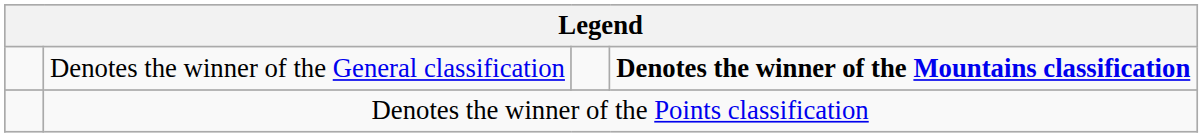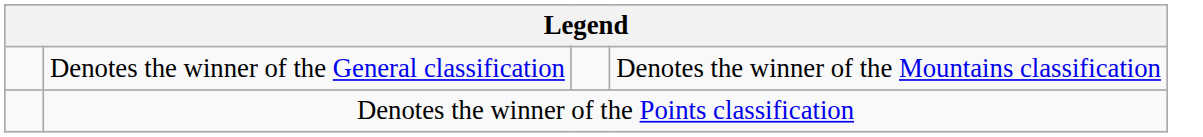 <table class="wikitable">
 <tr>
 <th colspan=4>Legend</th>
 </tr>
 <tr>
 <td>    </td>
 <td>Denotes the winner of the <a href='#'>General classification</a></td>
 <td>    </td>
-<td><strong>Denotes the winner of the <a href='#'>Mountains classification</a></strong></td>
+<td>Denotes the winner of the <a href='#'>Mountains classification</a></td>
 </tr>
 <tr>
 <td>    </td>
 <td colspan="3" align=center>Denotes the winner of the <a href='#'>Points classification</a></td>
 </tr>
 </table>
